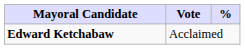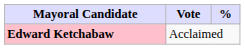 <table class="wikitable">
 <tr>
 <th style="background:#ddf; width:200px;">Mayoral Candidate</th>
 <th style="background:#ddf; width:50px;">Vote</th>
 <th style="background:#ddf; width:30px;">%</th>
 </tr>
 <tr>
-<td><strong>Edward Ketchabaw</strong></td>
+<td style="background: pink;"><strong>Edward Ketchabaw</strong></td>
 <td colspan="2">Acclaimed</td>
 </tr>
 </table>
